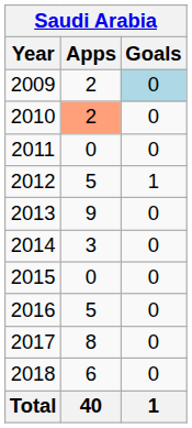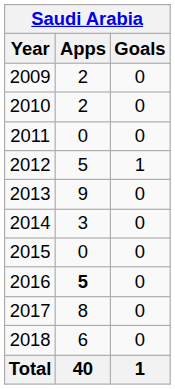 <table class="wikitable" style="text-align:center">
 <tr>
 <th colspan=3><a href='#'>Saudi Arabia</a></th>
 </tr>
 <tr>
 <th>Year</th>
 <th>Apps</th>
 <th>Goals</th>
 </tr>
 <tr>
 <td>2009</td>
 <td>2</td>
-<td style="background: lightblue;">0</td>
+<td>0</td>
 </tr>
 <tr>
 <td>2010</td>
-<td style="background: lightsalmon;">2</td>
+<td>2</td>
 <td>0</td>
 </tr>
 <tr>
 <td>2011</td>
 <td>0</td>
 <td>0</td>
 </tr>
 <tr>
 <td>2012</td>
 <td>5</td>
 <td>1</td>
 </tr>
 <tr>
 <td>2013</td>
 <td>9</td>
 <td>0</td>
 </tr>
 <tr>
 <td>2014</td>
 <td>3</td>
 <td>0</td>
 </tr>
 <tr>
 <td>2015</td>
 <td>0</td>
 <td>0</td>
 </tr>
 <tr>
 <td>2016</td>
-<td>5</td>
+<td><strong>5</strong></td>
 <td>0</td>
 </tr>
 <tr>
 <td>2017</td>
 <td>8</td>
 <td>0</td>
 </tr>
 <tr>
 <td>2018</td>
 <td>6</td>
 <td>0</td>
 </tr>
 <tr>
 <th>Total</th>
 <th>40</th>
 <th>1</th>
 </tr>
 </table>
